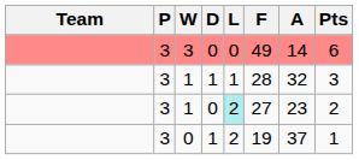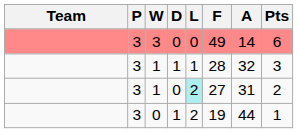 <table class="wikitable" style="text-align:center;">
 <tr>
 <th width="120px">Team</th>
 <th>P</th>
 <th>W</th>
 <th>D</th>
 <th>L</th>
 <th width="23px">F</th>
 <th width="23px">A</th>
 <th width="23px">Pts</th>
 </tr>
 <tr bgcolor="#FF8888">
 <td></td>
 <td>3</td>
 <td>3</td>
 <td>0</td>
 <td>0</td>
 <td>49</td>
 <td>14</td>
 <td>6</td>
 </tr>
 <tr>
 <td></td>
 <td>3</td>
 <td>1</td>
 <td>1</td>
 <td>1</td>
 <td>28</td>
 <td>32</td>
 <td>3</td>
 </tr>
 <tr>
 <td></td>
 <td>3</td>
 <td>1</td>
 <td>0</td>
 <td style="background: paleturquoise;">2</td>
 <td>27</td>
-<td>23</td>
+<td>31</td>
 <td>2</td>
 </tr>
 <tr>
 <td></td>
 <td>3</td>
 <td>0</td>
 <td>1</td>
 <td>2</td>
 <td>19</td>
-<td>37</td>
+<td>44</td>
 <td>1</td>
 </tr>
 </table>
